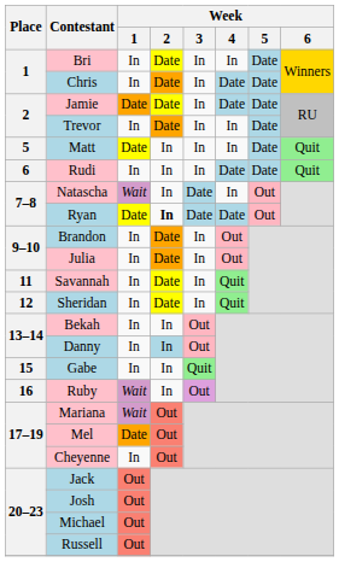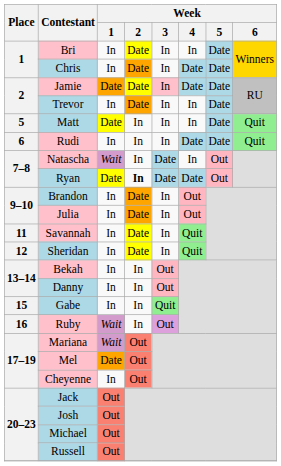 <table class="wikitable plainrowheaders sortable" style="text-align:center">
 <tr>
 <th rowspan="2">Place</th>
 <th colspan=1 rowspan="2">Contestant</th>
 <th colspan="7">Week</th>
 </tr>
 <tr>
 <th>1</th>
 <th>2</th>
 <th>3</th>
 <th>4</th>
 <th>5</th>
 <th>6</th>
 </tr>
 <tr>
 <th rowspan=2>1</th>
 <td style="background:pink;">Bri</td>
 <td>In</td>
 <td bgcolor=#FFFF00>Date</td>
 <td>In</td>
 <td>In</td>
 <td bgcolor=lightblue>Date</td>
 <td rowspan=2 bgcolor=gold>Winners</td>
 </tr>
 <tr>
 <td style="background:lightblue;">Chris</td>
 <td>In</td>
 <td bgcolor=#FFA500>Date</td>
 <td>In</td>
 <td bgcolor=lightblue>Date</td>
 <td bgcolor=lightblue>Date</td>
 </tr>
 <tr>
 <th rowspan=2>2</th>
 <td style="background:pink;">Jamie</td>
 <td bgcolor=#FFA500>Date</td>
 <td bgcolor=#FFFF00>Date</td>
-<td>In</td>
+<td style="background: pink;">In</td>
 <td bgcolor=lightblue>Date</td>
 <td bgcolor=lightblue>Date</td>
 <td rowspan=2 bgcolor=silver>RU</td>
 </tr>
 <tr>
 <td style="background:lightblue;">Trevor</td>
 <td>In</td>
 <td bgcolor=#FFA500>Date</td>
 <td>In</td>
 <td>In</td>
 <td bgcolor=lightblue>Date</td>
 </tr>
 <tr>
 <th>5</th>
 <td style="background:lightblue;">Matt</td>
 <td bgcolor=#FFFF00>Date</td>
 <td>In</td>
 <td>In</td>
 <td>In</td>
 <td bgcolor=lightblue>Date</td>
 <td bgcolor=lightgreen>Quit</td>
 </tr>
 <tr>
 <th>6</th>
 <td style="background:pink;">Rudi</td>
 <td>In</td>
 <td>In</td>
 <td>In</td>
 <td bgcolor=lightblue>Date</td>
 <td bgcolor=lightblue>Date</td>
 <td bgcolor=lightgreen>Quit</td>
 </tr>
 <tr>
 <th rowspan=2>7–8</th>
 <td style="background:pink;">Natascha</td>
 <td bgcolor=#D39BCB><em>Wait</em></td>
 <td>In</td>
 <td bgcolor=lightblue>Date</td>
 <td>In</td>
 <td bgcolor=lightpink>Out</td>
 <td rowspan=2 colspan=10 bgcolor=#dedede></td>
 </tr>
 <tr>
 <td style="background:lightblue;">Ryan</td>
 <td bgcolor=#FFFF00>Date</td>
 <td><strong>In</strong></td>
 <td bgcolor=lightblue>Date</td>
 <td bgcolor=lightblue>Date</td>
 <td bgcolor=lightpink>Out</td>
 </tr>
 <tr>
 <th rowspan=2>9–10</th>
 <td style="background:lightblue;">Brandon</td>
 <td>In</td>
 <td bgcolor=#FFA500>Date</td>
 <td>In</td>
 <td bgcolor=lightpink>Out</td>
 <td rowspan=4 colspan=10 bgcolor=#dedede></td>
 </tr>
 <tr>
 <td style="background:pink;">Julia</td>
 <td>In</td>
 <td bgcolor=#FFA500>Date</td>
 <td>In</td>
 <td bgcolor=lightpink>Out</td>
 </tr>
 <tr>
 <th>11</th>
 <td style="background:pink;">Savannah</td>
 <td>In</td>
 <td bgcolor=#FFFF00>Date</td>
 <td>In</td>
 <td bgcolor=lightgreen>Quit</td>
 </tr>
 <tr>
 <th>12</th>
 <td style="background:lightblue;">Sheridan</td>
 <td>In</td>
 <td bgcolor=#FFFF00>Date</td>
 <td>In</td>
 <td bgcolor=lightgreen>Quit</td>
 </tr>
 <tr>
 <th rowspan=2>13–14</th>
 <td style="background:pink;">Bekah</td>
 <td>In</td>
 <td>In</td>
 <td bgcolor=lightpink>Out</td>
 <td rowspan=4 colspan=10 bgcolor=#dedede></td>
 </tr>
 <tr>
 <td style="background:lightblue;">Danny</td>
 <td>In</td>
-<td style="background: lightblue;">In</td>
+<td>In</td>
 <td bgcolor=lightpink>Out</td>
 </tr>
 <tr>
 <th>15</th>
 <td style="background:lightblue;">Gabe</td>
 <td>In</td>
 <td>In</td>
 <td bgcolor=lightgreen>Quit</td>
 </tr>
 <tr>
 <th>16</th>
 <td style="background:pink;">Ruby</td>
 <td bgcolor=#D39BCB><em>Wait</em></td>
 <td>In</td>
 <td bgcolor=plum>Out</td>
 </tr>
 <tr>
 <th rowspan=3>17–19</th>
 <td style="background:pink;">Mariana</td>
 <td bgcolor=#D39BCB><em>Wait</em></td>
 <td bgcolor=salmon>Out</td>
 <td rowspan=3 colspan=10 bgcolor=#dedede></td>
 </tr>
 <tr>
 <td style="background:pink;">Mel</td>
 <td bgcolor=#FFA500>Date</td>
 <td bgcolor=salmon>Out</td>
 </tr>
 <tr>
 <td style="background:pink;">Cheyenne</td>
 <td>In</td>
 <td bgcolor=salmon>Out</td>
 </tr>
 <tr>
 <th rowspan=4>20–23</th>
 <td style="background:lightblue;">Jack</td>
 <td bgcolor=salmon>Out</td>
 <td rowspan=4 colspan=10 bgcolor=#dedede></td>
 </tr>
 <tr>
 <td scope="row;" style="background:lightblue;">Josh</td>
 <td bgcolor=salmon>Out</td>
 </tr>
 <tr>
 <td style="background:lightblue;">Michael</td>
 <td bgcolor=salmon>Out</td>
 </tr>
 <tr>
 <td style="background:lightblue;">Russell</td>
 <td bgcolor=salmon>Out</td>
 </tr>
 <tr>
 </tr>
 </table>
